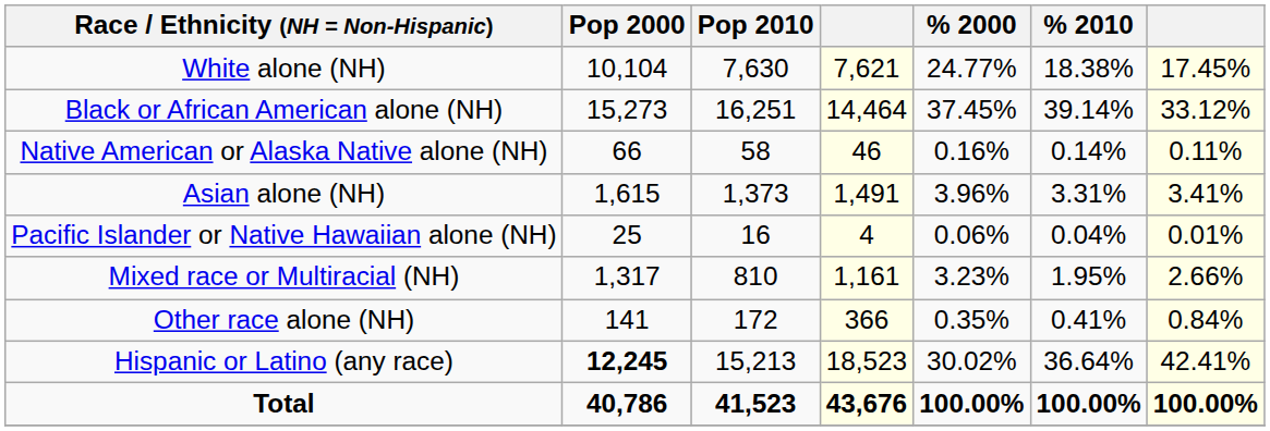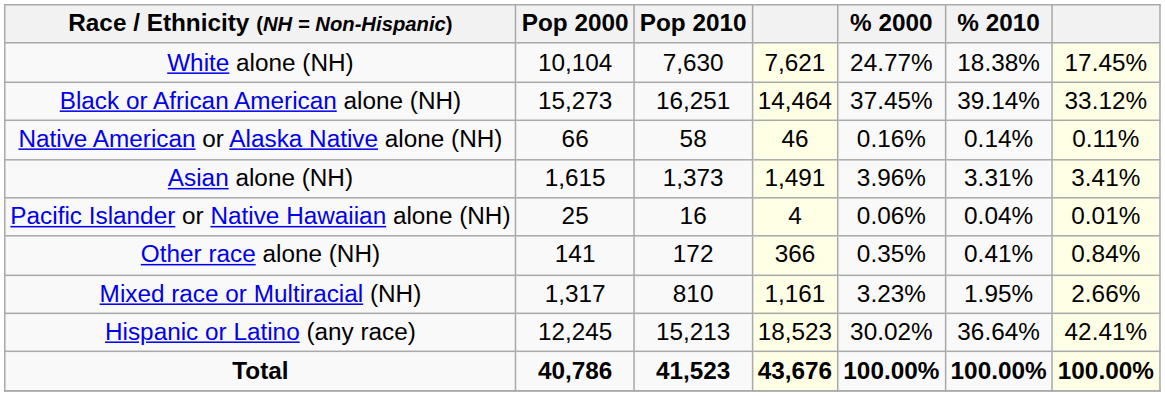 <table class="wikitable" style="text-align:center;">
 <tr>
 <th>Race / Ethnicity <small>(<em>NH = Non-Hispanic</em>)</small></th>
 <th>Pop 2000</th>
 <th>Pop 2010</th>
 <th></th>
 <th>% 2000</th>
 <th>% 2010</th>
 <th></th>
 </tr>
 <tr>
 <td><a href='#'>White</a> alone (NH)</td>
 <td>10,104</td>
 <td>7,630</td>
 <td style='background: #ffffe6;'>7,621</td>
 <td>24.77%</td>
 <td>18.38%</td>
 <td style='background: #ffffe6;'>17.45%</td>
 </tr>
 <tr>
 <td><a href='#'>Black or African American</a> alone (NH)</td>
 <td>15,273</td>
 <td>16,251</td>
 <td style='background: #ffffe6;'>14,464</td>
 <td>37.45%</td>
 <td>39.14%</td>
 <td style='background: #ffffe6;'>33.12%</td>
 </tr>
 <tr>
 <td><a href='#'>Native American</a> or <a href='#'>Alaska Native</a> alone (NH)</td>
 <td>66</td>
 <td>58</td>
 <td style='background: #ffffe6;'>46</td>
 <td>0.16%</td>
 <td>0.14%</td>
 <td style='background: #ffffe6;'>0.11%</td>
 </tr>
 <tr>
 <td><a href='#'>Asian</a> alone (NH)</td>
 <td>1,615</td>
 <td>1,373</td>
 <td style='background: #ffffe6;'>1,491</td>
 <td>3.96%</td>
 <td>3.31%</td>
 <td style='background: #ffffe6;'>3.41%</td>
 </tr>
 <tr>
 <td><a href='#'>Pacific Islander</a> or <a href='#'>Native Hawaiian</a> alone (NH)</td>
 <td>25</td>
 <td>16</td>
 <td style='background: #ffffe6;'>4</td>
 <td>0.06%</td>
 <td>0.04%</td>
 <td style='background: #ffffe6;'>0.01%</td>
 </tr>
 <tr>
+<td><a href='#'>Other race</a> alone (NH)</td>
+<td>141</td>
+<td>172</td>
+<td style='background: #ffffe6;'>366</td>
+<td>0.35%</td>
+<td>0.41%</td>
+<td style='background: #ffffe6;'>0.84%</td>
+</tr>
+<tr>
 <td><a href='#'>Mixed race or Multiracial</a> (NH)</td>
 <td>1,317</td>
 <td>810</td>
 <td style='background: #ffffe6;'>1,161</td>
 <td>3.23%</td>
 <td>1.95%</td>
 <td style='background: #ffffe6;'>2.66%</td>
 </tr>
 <tr>
-<td><a href='#'>Other race</a> alone (NH)</td>
-<td>141</td>
-<td>172</td>
-<td style='background: #ffffe6;'>366</td>
-<td>0.35%</td>
-<td>0.41%</td>
-<td style='background: #ffffe6;'>0.84%</td>
-</tr>
-<tr>
 <td><a href='#'>Hispanic or Latino</a> (any race)</td>
-<td><strong>12,245</strong></td>
+<td>12,245</td>
 <td>15,213</td>
 <td style='background: #ffffe6;'>18,523</td>
 <td>30.02%</td>
 <td>36.64%</td>
 <td style='background: #ffffe6;'>42.41%</td>
 </tr>
 <tr>
 <td><strong>Total</strong></td>
 <td><strong>40,786</strong></td>
 <td><strong>41,523</strong></td>
 <td style='background: #ffffe6;'><strong>43,676</strong></td>
 <td><strong>100.00%</strong></td>
 <td><strong>100.00%</strong></td>
 <td style='background: #ffffe6;'><strong>100.00%</strong></td>
 </tr>
 <tr>
 </tr>
 </table>
